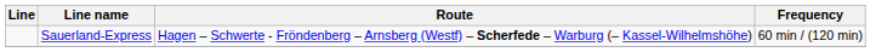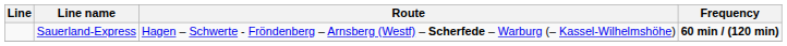 <table class="wikitable">
 <tr class="hintergrundfarbe5">
 <th>Line</th>
 <th>Line name</th>
 <th>Route</th>
 <th>Frequency</th>
 </tr>
 <tr>
 <td></td>
 <td><a href='#'>Sauerland-Express</a></td>
 <td><a href='#'>Hagen</a> – <a href='#'>Schwerte</a> - <a href='#'>Fröndenberg</a> – <a href='#'>Arnsberg (Westf)</a> – <strong>Scherfede</strong> – <a href='#'>Warburg</a> (– <a href='#'>Kassel-Wilhelmshöhe</a>)</td>
-<td align="right">60 min / (120 min)</td>
+<td align="right"><strong>60 min / (120 min)</strong></td>
 </tr>
 <tr>
 </tr>
 </table>
